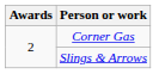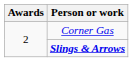 <table class="wikitable sortable" style="text-align:center;" background: #f6e39c;>
 <tr>
 <th scope="col" style="width:55px;">Awards</th>
 <th scope="col" style="text-align:center;">Person or work</th>
 </tr>
 <tr>
 <td rowspan=2 style="text-align:center">2</td>
 <td><em><a href='#'>Corner Gas</a></em></td>
 </tr>
 <tr>
-<td><em><a href='#'>Slings & Arrows</a></em></td>
+<td><strong><em><a href='#'>Slings & Arrows</a></em></strong></td>
 </tr>
 </table>
